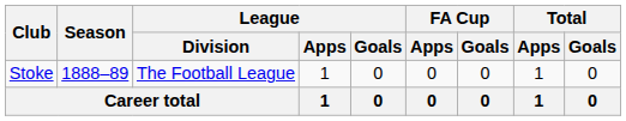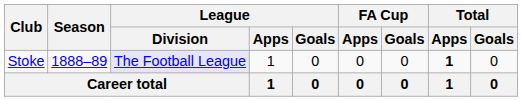 <table class="wikitable" style="text-align: center;">
 <tr>
 <th rowspan="2">Club</th>
 <th rowspan="2">Season</th>
 <th colspan="3">League</th>
 <th colspan="2">FA Cup</th>
 <th colspan="2">Total</th>
 </tr>
 <tr>
 <th>Division</th>
 <th>Apps</th>
 <th>Goals</th>
 <th>Apps</th>
 <th>Goals</th>
 <th>Apps</th>
 <th>Goals</th>
 </tr>
 <tr>
 <td><a href='#'>Stoke</a></td>
 <td><a href='#'>1888–89</a></td>
-<td><a href='#'>The Football League</a></td>
+<td style="background: lavender;"><a href='#'>The Football League</a></td>
 <td>1</td>
 <td>0</td>
 <td>0</td>
 <td>0</td>
-<td>1</td>
+<td><strong>1</strong></td>
 <td>0</td>
 </tr>
 <tr>
 <th colspan="3">Career total</th>
 <th>1</th>
 <th>0</th>
 <th>0</th>
 <th>0</th>
 <th>1</th>
 <th>0</th>
 </tr>
 </table>
